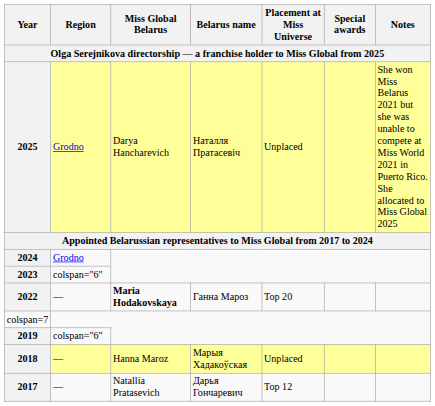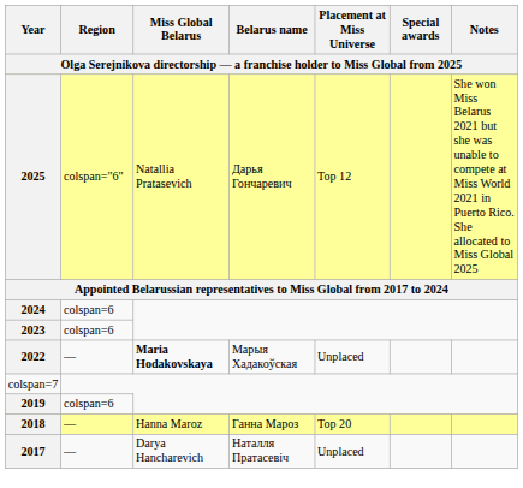 <table class="wikitable " style="font-size: 90%;">
 <tr>
 <th width="60">Year</th>
 <th width="150">Region</th>
 <th width="250">Miss Global Belarus</th>
 <th width="250">Belarus name</th>
 <th width="250">Placement at Miss Universe</th>
 <th width="250">Special awards</th>
 <th width="250">Notes</th>
 </tr>
 <tr>
 <th colspan="7">Olga Serejnikova directorship — a franchise holder to Miss Global from 2025</th>
 </tr>
 <tr style="background-color:#FFFF99;">
 <th>2025</th>
-<td><a href='#'>Grodno</a></td>
-<td>Darya Hancharevich</td>
-<td>Наталля Пратасевіч</td>
-<td>Unplaced</td>
+<td>colspan="6" </td>
+<td>Natallia Pratasevich</td>
+<td>Дарья Гончаревич</td>
+<td>Top 12</td>
 <td></td>
 <td>She won Miss Belarus 2021 but she was unable to compete at Miss World 2021 in Puerto Rico. She allocated to Miss Global 2025</td>
 </tr>
 <tr>
 <th colspan="7">Appointed Belarussian representatives to Miss Global from 2017 to 2024</th>
 </tr>
 <tr>
 <th>2024</th>
-<td><a href='#'>Grodno</a></td>
+<td>colspan=6 </td>
 </tr>
 <tr>
 <th>2023</th>
-<td>colspan="6" </td>
+<td>colspan=6 </td>
 </tr>
 <tr>
 <th>2022</th>
 <td>—</td>
 <td><strong>Maria Hodakovskaya</strong></td>
-<td>Ганна Мароз</td>
-<td>Top 20</td>
+<td>Марыя Хадакоўская</td>
+<td>Unplaced</td>
 <td></td>
 <td></td>
 </tr>
 <tr>
 <td>colspan=7 </td>
 </tr>
 <tr>
 <th>2019</th>
-<td>colspan="6" </td>
+<td>colspan=6 </td>
 </tr>
 <tr style="background-color:#FFFF99;">
 <th>2018</th>
 <td>—</td>
 <td>Hanna Maroz</td>
-<td>Марыя Хадакоўская</td>
-<td>Unplaced</td>
+<td>Ганна Мароз</td>
+<td>Top 20</td>
 <td></td>
 <td></td>
 </tr>
 <tr>
 <th>2017</th>
 <td>—</td>
-<td>Natallia Pratasevich</td>
-<td>Дарья Гончаревич</td>
-<td>Top 12</td>
+<td>Darya Hancharevich</td>
+<td>Наталля Пратасевіч</td>
+<td>Unplaced</td>
 <td></td>
 <td></td>
 </tr>
 </table>
